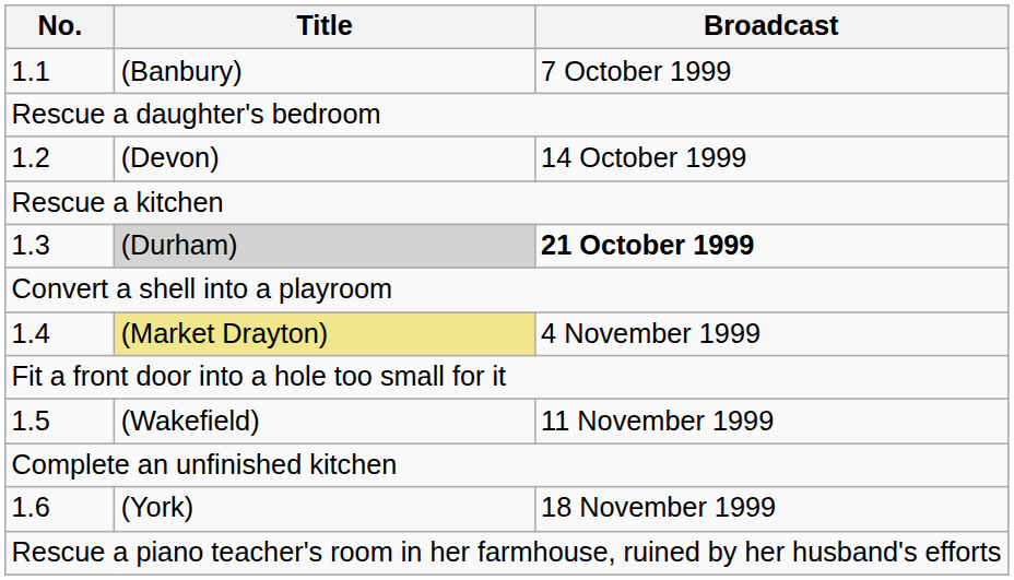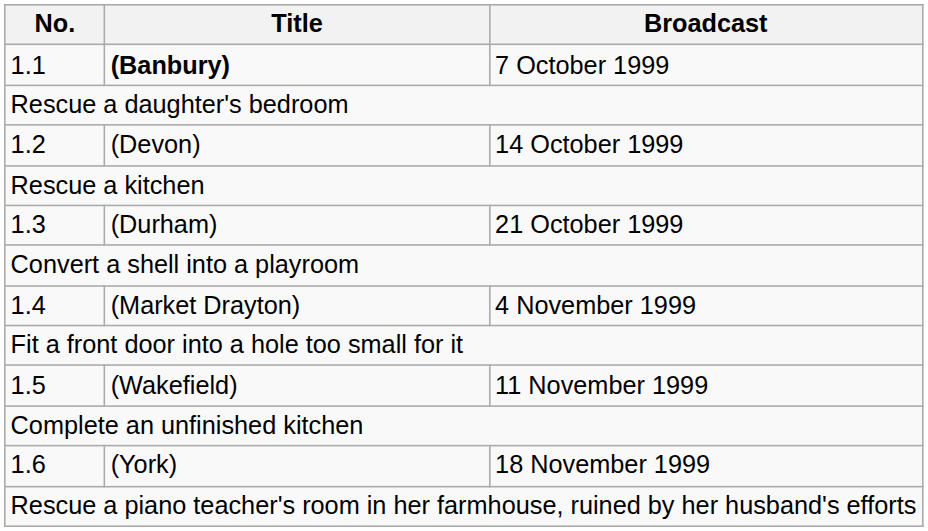 <table class="wikitable">
 <tr>
 <th>No.</th>
 <th>Title</th>
 <th>Broadcast</th>
 </tr>
 <tr>
 <td>1.1</td>
-<td>(Banbury)</td>
+<td><strong>(Banbury)</strong></td>
 <td>7 October 1999</td>
 </tr>
 <tr>
 <td colspan="3">Rescue a daughter's bedroom</td>
 </tr>
 <tr>
 <td>1.2</td>
 <td>(Devon)</td>
 <td>14 October 1999</td>
 </tr>
 <tr>
 <td colspan="3">Rescue a kitchen</td>
 </tr>
 <tr>
 <td>1.3</td>
-<td style="background: lightgrey;">(Durham)</td>
-<td><strong>21 October 1999</strong></td>
+<td>(Durham)</td>
+<td>21 October 1999</td>
 </tr>
 <tr>
 <td colspan="3">Convert a shell into a playroom</td>
 </tr>
 <tr>
 <td>1.4</td>
-<td style="background: khaki;">(Market Drayton)</td>
+<td>(Market Drayton)</td>
 <td>4 November 1999</td>
 </tr>
 <tr>
 <td colspan="3">Fit a front door into a hole too small for it</td>
 </tr>
 <tr>
 <td>1.5</td>
 <td>(Wakefield)</td>
 <td>11 November 1999</td>
 </tr>
 <tr>
 <td colspan="3">Complete an unfinished kitchen</td>
 </tr>
 <tr>
 <td>1.6</td>
 <td>(York)</td>
 <td>18 November 1999</td>
 </tr>
 <tr>
 <td colspan="3">Rescue a piano teacher's room in her farmhouse, ruined by her husband's efforts</td>
 </tr>
 </table>
